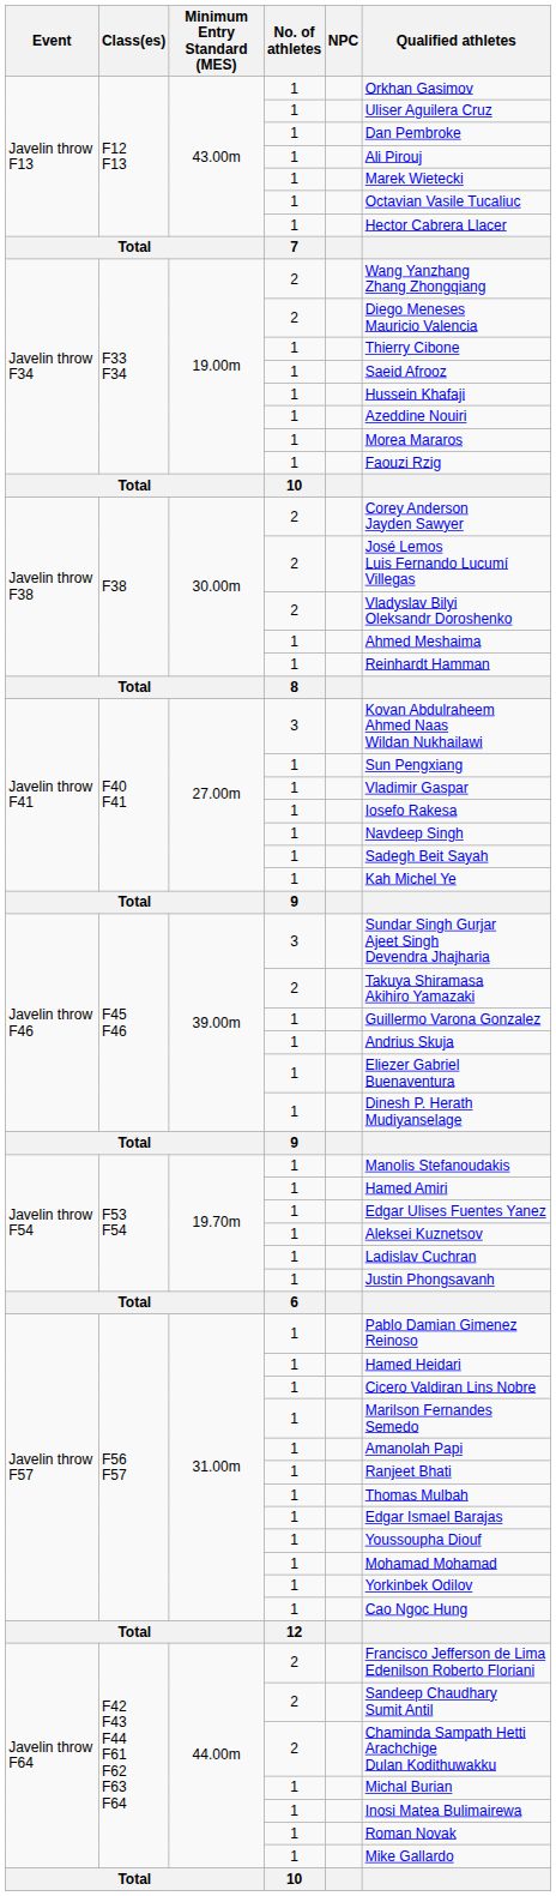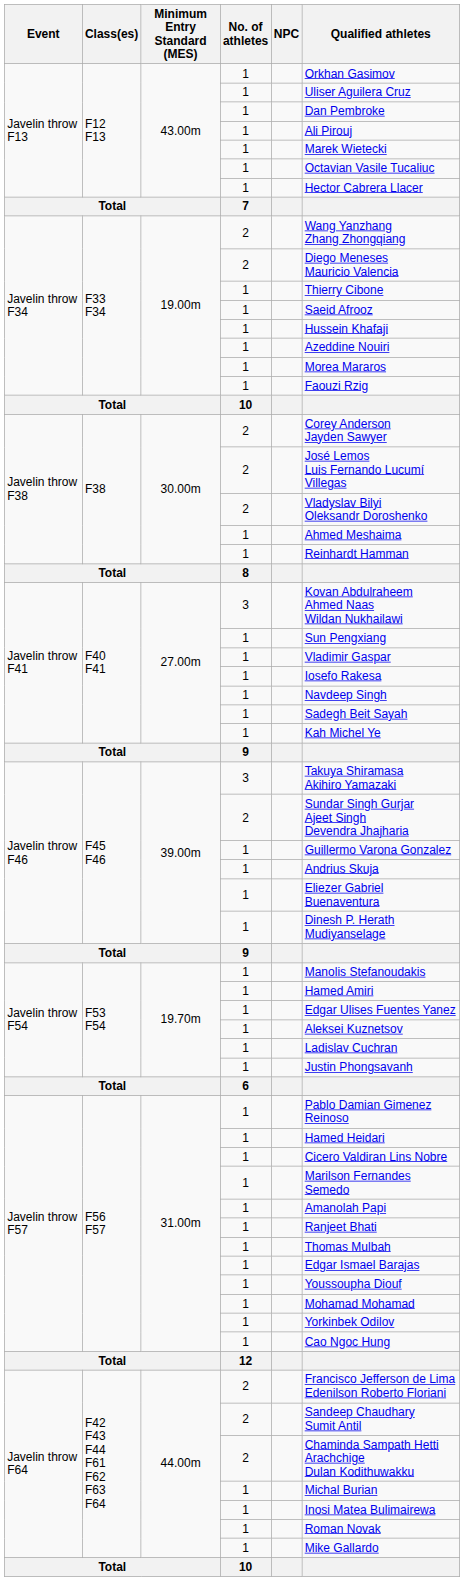 <table class="wikitable">
 <tr>
 <th>Event</th>
 <th>Class(es)</th>
 <th>Minimum Entry<br> Standard<br> (MES)</th>
 <th>No. of<br>athletes</th>
 <th>NPC</th>
 <th>Qualified athletes</th>
 </tr>
 <tr>
 <td rowspan=7>Javelin throw F13</td>
 <td rowspan=7>F12<br>F13</td>
 <td rowspan=7 align=center>43.00m</td>
 <td align=center>1</td>
 <td></td>
 <td><a href='#'>Orkhan Gasimov</a></td>
 </tr>
 <tr>
 <td align=center>1</td>
 <td></td>
 <td><a href='#'>Uliser Aguilera Cruz</a></td>
 </tr>
 <tr>
 <td align=center>1</td>
 <td></td>
 <td><a href='#'>Dan Pembroke</a></td>
 </tr>
 <tr>
 <td align=center>1</td>
 <td></td>
 <td><a href='#'>Ali Pirouj</a></td>
 </tr>
 <tr>
 <td align=center>1</td>
 <td></td>
 <td><a href='#'>Marek Wietecki</a></td>
 </tr>
 <tr>
 <td align=center>1</td>
 <td></td>
 <td><a href='#'>Octavian Vasile Tucaliuc</a></td>
 </tr>
 <tr>
 <td align=center>1</td>
 <td></td>
 <td><a href='#'>Hector Cabrera Llacer</a></td>
 </tr>
 <tr>
 <th colspan=3>Total</th>
 <th>7</th>
 <th></th>
 <th></th>
 </tr>
 <tr>
 <td rowspan=8>Javelin throw F34</td>
 <td rowspan=8>F33<br>F34</td>
 <td rowspan=8 align=center>19.00m</td>
 <td align=center>2</td>
 <td></td>
 <td><a href='#'>Wang Yanzhang</a><br> <a href='#'>Zhang Zhongqiang</a></td>
 </tr>
 <tr>
 <td align=center>2</td>
 <td></td>
 <td><a href='#'>Diego Meneses</a><br><a href='#'>Mauricio Valencia</a></td>
 </tr>
 <tr>
 <td align=center>1</td>
 <td></td>
 <td><a href='#'>Thierry Cibone</a></td>
 </tr>
 <tr>
 <td align=center>1</td>
 <td></td>
 <td><a href='#'>Saeid Afrooz</a></td>
 </tr>
 <tr>
 <td align=center>1</td>
 <td></td>
 <td><a href='#'>Hussein Khafaji</a></td>
 </tr>
 <tr>
 <td align=center>1</td>
 <td></td>
 <td><a href='#'>Azeddine Nouiri</a></td>
 </tr>
 <tr>
 <td align=center>1</td>
 <td></td>
 <td><a href='#'>Morea Mararos</a></td>
 </tr>
 <tr>
 <td align=center>1</td>
 <td></td>
 <td><a href='#'>Faouzi Rzig</a></td>
 </tr>
 <tr>
 <th colspan=3>Total</th>
 <th>10</th>
 <th></th>
 <th></th>
 </tr>
 <tr>
 <td rowspan=5>Javelin throw F38</td>
 <td rowspan=5>F38</td>
 <td rowspan=5 align=center>30.00m</td>
 <td align=center>2</td>
 <td></td>
 <td><a href='#'>Corey Anderson</a><br><a href='#'>Jayden Sawyer</a></td>
 </tr>
 <tr>
 <td align=center>2</td>
 <td></td>
 <td><a href='#'>José Lemos</a><br><a href='#'>Luis Fernando Lucumí Villegas</a></td>
 </tr>
 <tr>
 <td align=center>2</td>
 <td></td>
 <td><a href='#'>Vladyslav Bilyi</a><br><a href='#'>Oleksandr Doroshenko</a></td>
 </tr>
 <tr>
 <td align=center>1</td>
 <td></td>
 <td><a href='#'>Ahmed Meshaima</a></td>
 </tr>
 <tr>
 <td align=center>1</td>
 <td></td>
 <td><a href='#'>Reinhardt Hamman</a></td>
 </tr>
 <tr>
 <th colspan=3>Total</th>
 <th>8</th>
 <th></th>
 <th></th>
 </tr>
 <tr>
 <td rowspan=7>Javelin throw F41</td>
 <td rowspan=7>F40<br>F41</td>
 <td rowspan=7 align="center">27.00m</td>
 <td align=center>3</td>
 <td></td>
 <td><a href='#'>Kovan Abdulraheem</a><br><a href='#'>Ahmed Naas</a><br><a href='#'>Wildan Nukhailawi</a></td>
 </tr>
 <tr>
 <td align=center>1</td>
 <td></td>
 <td><a href='#'>Sun Pengxiang</a></td>
 </tr>
 <tr>
 <td align=center>1</td>
 <td></td>
 <td><a href='#'>Vladimir Gaspar</a></td>
 </tr>
 <tr>
 <td align=center>1</td>
 <td></td>
 <td><a href='#'>Iosefo Rakesa</a></td>
 </tr>
 <tr>
 <td align=center>1</td>
 <td></td>
 <td><a href='#'>Navdeep Singh</a></td>
 </tr>
 <tr>
 <td align=center>1</td>
 <td></td>
 <td><a href='#'>Sadegh Beit Sayah</a></td>
 </tr>
 <tr>
 <td align=center>1</td>
 <td></td>
 <td><a href='#'>Kah Michel Ye</a></td>
 </tr>
 <tr>
 <th colspan=3>Total</th>
 <th>9</th>
 <th></th>
 <th></th>
 </tr>
 <tr>
 <td rowspan=6>Javelin throw F46</td>
 <td rowspan=6>F45<br>F46</td>
 <td rowspan=6 align="center">39.00m</td>
 <td align="center">3</td>
 <td></td>
-<td><a href='#'>Sundar Singh Gurjar</a><br> <a href='#'>Ajeet Singh</a><br><a href='#'>Devendra Jhajharia</a></td>
+<td><a href='#'>Takuya Shiramasa</a><br><a href='#'>Akihiro Yamazaki</a></td>
 </tr>
 <tr>
 <td align=center>2</td>
 <td></td>
-<td><a href='#'>Takuya Shiramasa</a><br><a href='#'>Akihiro Yamazaki</a></td>
+<td><a href='#'>Sundar Singh Gurjar</a><br> <a href='#'>Ajeet Singh</a><br><a href='#'>Devendra Jhajharia</a></td>
 </tr>
 <tr>
 <td align=center>1</td>
 <td></td>
 <td><a href='#'>Guillermo Varona Gonzalez</a></td>
 </tr>
 <tr>
 <td align=center>1</td>
 <td></td>
 <td><a href='#'>Andrius Skuja</a></td>
 </tr>
 <tr>
 <td align=center>1</td>
 <td></td>
 <td><a href='#'>Eliezer Gabriel Buenaventura</a></td>
 </tr>
 <tr>
 <td align=center>1</td>
 <td></td>
 <td><a href='#'>Dinesh P. Herath Mudiyanselage</a></td>
 </tr>
 <tr>
 <th colspan=3>Total</th>
 <th>9</th>
 <th></th>
 <th></th>
 </tr>
 <tr>
 <td rowspan=6>Javelin throw F54</td>
 <td rowspan=6>F53<br>F54</td>
 <td rowspan=6 align="center">19.70m</td>
 <td align=center>1</td>
 <td></td>
 <td><a href='#'>Manolis Stefanoudakis</a></td>
 </tr>
 <tr>
 <td align=center>1</td>
 <td></td>
 <td><a href='#'>Hamed Amiri</a></td>
 </tr>
 <tr>
 <td align=center>1</td>
 <td></td>
 <td><a href='#'>Edgar Ulises Fuentes Yanez</a></td>
 </tr>
 <tr>
 <td align=center>1</td>
 <td></td>
 <td><a href='#'>Aleksei Kuznetsov</a></td>
 </tr>
 <tr>
 <td align=center>1</td>
 <td></td>
 <td><a href='#'>Ladislav Cuchran</a></td>
 </tr>
 <tr>
 <td align=center>1</td>
 <td></td>
 <td><a href='#'>Justin Phongsavanh</a></td>
 </tr>
 <tr>
 <th colspan=3>Total</th>
 <th>6</th>
 <th></th>
 <th></th>
 </tr>
 <tr>
 <td rowspan=12>Javelin throw F57</td>
 <td rowspan=12>F56<br>F57</td>
 <td rowspan=12 align="center">31.00m</td>
 <td align=center>1</td>
 <td></td>
 <td><a href='#'>Pablo Damian Gimenez Reinoso</a></td>
 </tr>
 <tr>
 <td align=center>1</td>
 <td></td>
 <td><a href='#'>Hamed Heidari</a></td>
 </tr>
 <tr>
 <td align=center>1</td>
 <td></td>
 <td><a href='#'>Cicero Valdiran Lins Nobre</a></td>
 </tr>
 <tr>
 <td align=center>1</td>
 <td></td>
 <td><a href='#'>Marilson Fernandes Semedo</a></td>
 </tr>
 <tr>
 <td align=center>1</td>
 <td></td>
 <td><a href='#'>Amanolah Papi</a></td>
 </tr>
 <tr>
 <td align=center>1</td>
 <td></td>
 <td><a href='#'>Ranjeet Bhati</a></td>
 </tr>
 <tr>
 <td align=center>1</td>
 <td></td>
 <td><a href='#'>Thomas Mulbah</a></td>
 </tr>
 <tr>
 <td align=center>1</td>
 <td></td>
 <td><a href='#'>Edgar Ismael Barajas</a></td>
 </tr>
 <tr>
 <td align=center>1</td>
 <td></td>
 <td><a href='#'>Youssoupha Diouf</a></td>
 </tr>
 <tr>
 <td align=center>1</td>
 <td></td>
 <td><a href='#'>Mohamad Mohamad</a></td>
 </tr>
 <tr>
 <td align=center>1</td>
 <td></td>
 <td><a href='#'>Yorkinbek Odilov</a></td>
 </tr>
 <tr>
 <td align=center>1</td>
 <td></td>
 <td><a href='#'>Cao Ngoc Hung</a></td>
 </tr>
 <tr>
 <th colspan=3>Total</th>
 <th>12</th>
 <th></th>
 <th></th>
 </tr>
 <tr>
 <td rowspan=7>Javelin throw F64</td>
 <td rowspan=7>F42<br>F43<br>F44<br>F61<br>F62<br>F63<br>F64</td>
 <td rowspan=7 align="center">44.00m</td>
 <td align=center>2</td>
 <td></td>
 <td><a href='#'>Francisco Jefferson de Lima</a><br><a href='#'>Edenilson Roberto Floriani</a></td>
 </tr>
 <tr>
 <td align=center>2</td>
 <td></td>
 <td><a href='#'>Sandeep Chaudhary</a><br> <a href='#'>Sumit Antil</a></td>
 </tr>
 <tr>
 <td align=center>2</td>
 <td></td>
 <td><a href='#'>Chaminda Sampath Hetti Arachchige</a><br><a href='#'>Dulan Kodithuwakku</a></td>
 </tr>
 <tr>
 <td align=center>1</td>
 <td></td>
 <td><a href='#'>Michal Burian</a></td>
 </tr>
 <tr>
 <td align=center>1</td>
 <td></td>
 <td><a href='#'>Inosi Matea Bulimairewa</a></td>
 </tr>
 <tr>
 <td align=center>1</td>
 <td></td>
 <td><a href='#'>Roman Novak</a></td>
 </tr>
 <tr>
 <td align=center>1</td>
 <td></td>
 <td><a href='#'>Mike Gallardo</a></td>
 </tr>
 <tr>
 <th colspan=3>Total</th>
 <th>10</th>
 <th></th>
 <th></th>
 </tr>
 </table>
